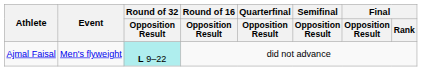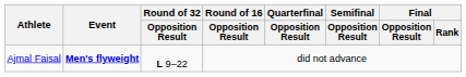 <table class="wikitable" style="font-size:90%">
 <tr>
 <th rowspan=2>Athlete</th>
 <th rowspan=2>Event</th>
 <th>Round of 32</th>
 <th>Round of 16</th>
 <th>Quarterfinal</th>
 <th>Semifinal</th>
 <th colspan=2>Final</th>
 </tr>
 <tr style="font-size:95%">
 <th>Opposition<br>Result</th>
 <th>Opposition<br>Result</th>
 <th>Opposition<br>Result</th>
 <th>Opposition<br>Result</th>
 <th>Opposition<br>Result</th>
 <th>Rank</th>
 </tr>
 <tr align=center>
 <td align=left><a href='#'>Ajmal Faisal</a></td>
-<td align=left><a href='#'>Men's flyweight</a></td>
-<td style="background: paleturquoise;"><br><strong>L</strong> 9–22</td>
+<td align=left><strong><a href='#'>Men's flyweight</a></strong></td>
+<td><br><strong>L</strong> 9–22</td>
 <td colspan=5>did not advance</td>
 </tr>
 </table>
